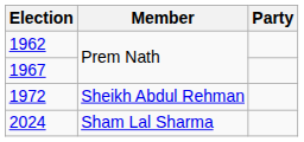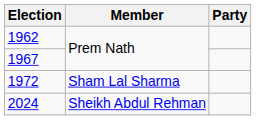 <table class="wikitable sortable">
 <tr>
 <th>Election</th>
 <th>Member</th>
 <th colspan=2>Party</th>
 </tr>
 <tr>
 <td><a href='#'>1962</a></td>
 <td rowspan=2>Prem Nath</td>
 <td></td>
 </tr>
 <tr>
 <td><a href='#'>1967</a></td>
 <td></td>
 </tr>
 <tr>
 <td><a href='#'>1972</a></td>
-<td><a href='#'>Sheikh Abdul Rehman</a></td>
+<td><a href='#'>Sham Lal Sharma</a></td>
 </tr>
 <tr>
 <td><a href='#'>2024</a></td>
-<td><a href='#'>Sham Lal Sharma</a></td>
+<td><a href='#'>Sheikh Abdul Rehman</a></td>
 <td></td>
 </tr>
 </table>
